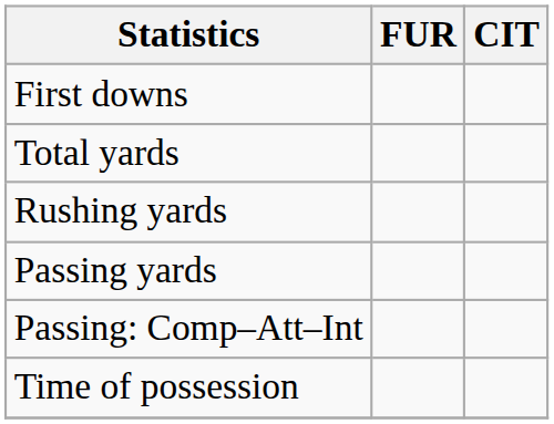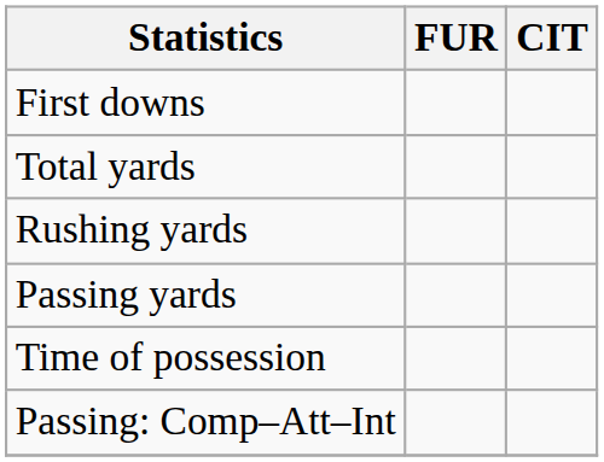 <table class="wikitable" style="float: left;">
 <tr>
 <th>Statistics</th>
 <th>FUR</th>
 <th>CIT</th>
 </tr>
 <tr>
 <td>First downs</td>
 <td></td>
 <td></td>
 </tr>
 <tr>
 <td>Total yards</td>
 <td></td>
 <td></td>
 </tr>
 <tr>
 <td>Rushing yards</td>
 <td></td>
 <td></td>
 </tr>
 <tr>
 <td>Passing yards</td>
 <td></td>
 <td></td>
 </tr>
 <tr>
-<td>Passing: Comp–Att–Int</td>
+<td>Time of possession</td>
 <td></td>
 <td></td>
 </tr>
 <tr>
-<td>Time of possession</td>
+<td>Passing: Comp–Att–Int</td>
 <td></td>
 <td></td>
 </tr>
 <tr>
 </tr>
 </table>
